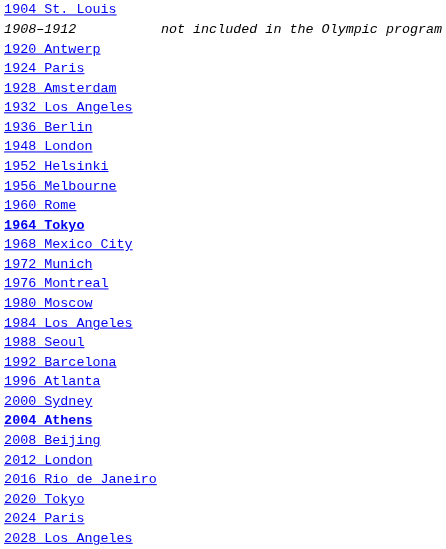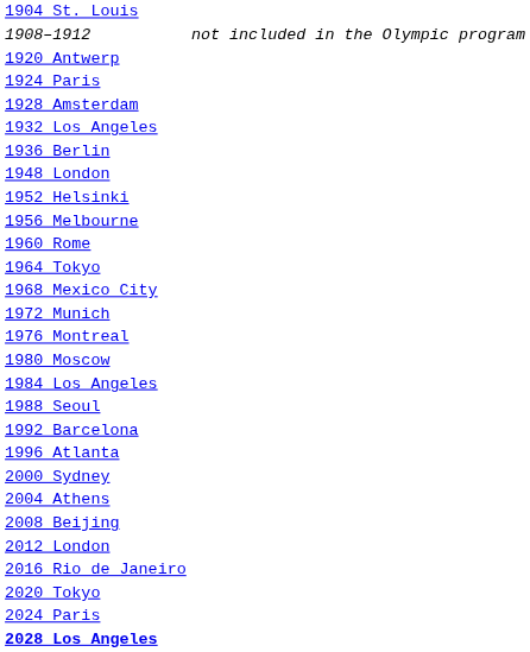 <table>
 <tr>
 <td><a href='#'>1904 St. Louis</a><br></td>
 <td></td>
 <td></td>
 <td></td>
 </tr>
 <tr>
 <td><em>1908–1912</em></td>
 <td colspan=3 align=center><em>not included in the Olympic program</em></td>
 </tr>
 <tr>
 <td><a href='#'>1920 Antwerp</a><br></td>
 <td></td>
 <td></td>
 <td></td>
 </tr>
 <tr>
 <td><a href='#'>1924 Paris</a><br></td>
 <td></td>
 <td></td>
 <td></td>
 </tr>
 <tr>
 <td><a href='#'>1928 Amsterdam</a><br></td>
 <td></td>
 <td></td>
 <td></td>
 </tr>
 <tr>
 <td><a href='#'>1932 Los Angeles</a><br></td>
 <td></td>
 <td></td>
 <td></td>
 </tr>
 <tr>
 <td><a href='#'>1936 Berlin</a><br></td>
 <td></td>
 <td></td>
 <td></td>
 </tr>
 <tr>
 <td><a href='#'>1948 London</a><br></td>
 <td></td>
 <td></td>
 <td></td>
 </tr>
 <tr>
 <td><a href='#'>1952 Helsinki</a><br></td>
 <td></td>
 <td></td>
 <td></td>
 </tr>
 <tr>
 <td><a href='#'>1956 Melbourne</a><br></td>
 <td></td>
 <td></td>
 <td></td>
 </tr>
 <tr>
 <td><a href='#'>1960 Rome</a><br></td>
 <td></td>
 <td></td>
 <td></td>
 </tr>
 <tr>
-<td><strong><a href='#'>1964 Tokyo</a><br></strong></td>
+<td><a href='#'>1964 Tokyo</a><br></td>
 <td></td>
 <td></td>
 <td></td>
 </tr>
 <tr>
 <td><a href='#'>1968 Mexico City</a><br></td>
 <td></td>
 <td></td>
 <td></td>
 </tr>
 <tr>
 <td><a href='#'>1972 Munich</a><br></td>
 <td></td>
 <td></td>
 <td></td>
 </tr>
 <tr>
 <td><a href='#'>1976 Montreal</a><br></td>
 <td></td>
 <td></td>
 <td></td>
 </tr>
 <tr>
 <td><a href='#'>1980 Moscow</a><br></td>
 <td></td>
 <td></td>
 <td></td>
 </tr>
 <tr>
 <td><a href='#'>1984 Los Angeles</a><br></td>
 <td></td>
 <td></td>
 <td></td>
 </tr>
 <tr>
 <td><a href='#'>1988 Seoul</a><br></td>
 <td></td>
 <td></td>
 <td></td>
 </tr>
 <tr>
 <td><a href='#'>1992 Barcelona</a><br></td>
 <td></td>
 <td></td>
 <td></td>
 </tr>
 <tr>
 <td><a href='#'>1996 Atlanta</a><br></td>
 <td></td>
 <td></td>
 <td></td>
 </tr>
 <tr>
 <td><a href='#'>2000 Sydney</a><br></td>
 <td></td>
 <td></td>
 <td></td>
 </tr>
 <tr>
-<td><strong><a href='#'>2004 Athens</a><br></strong></td>
+<td><a href='#'>2004 Athens</a><br></td>
 <td></td>
 <td></td>
 <td></td>
 </tr>
 <tr>
 <td><a href='#'>2008 Beijing</a><br></td>
 <td></td>
 <td></td>
 <td></td>
 </tr>
 <tr>
 <td><a href='#'>2012 London</a><br></td>
 <td></td>
 <td></td>
 <td></td>
 </tr>
 <tr>
 <td><a href='#'>2016 Rio de Janeiro</a><br></td>
 <td></td>
 <td></td>
 <td></td>
 </tr>
 <tr>
 <td><a href='#'>2020 Tokyo</a><br></td>
 <td></td>
 <td></td>
 <td></td>
 </tr>
 <tr>
 <td><a href='#'>2024 Paris</a><br></td>
 <td></td>
 <td></td>
 <td></td>
 </tr>
 <tr>
-<td><a href='#'>2028 Los Angeles</a><br></td>
+<td><strong><a href='#'>2028 Los Angeles</a><br></strong></td>
 <td></td>
 <td></td>
 <td></td>
 </tr>
 <tr>
 </tr>
 </table>
